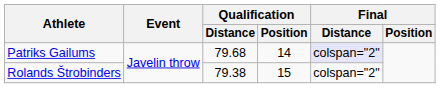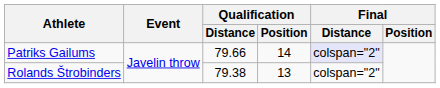 <table class="wikitable" style="font-size:90%">
 <tr>
 <th rowspan="2">Athlete</th>
 <th rowspan="2">Event</th>
 <th colspan="2">Qualification</th>
 <th colspan="2">Final</th>
 </tr>
 <tr style="font-size:95%">
 <th>Distance</th>
 <th>Position</th>
 <th>Distance</th>
 <th>Position</th>
 </tr>
 <tr align="center">
 <td align="left"><a href='#'>Patriks Gailums</a></td>
 <td rowspan="2" align="left"><a href='#'>Javelin throw</a></td>
-<td>79.68</td>
+<td>79.66</td>
 <td>14</td>
 <td style="background: lavender;">colspan="2" </td>
 </tr>
 <tr align="center">
 <td align="left"><a href='#'>Rolands Štrobinders</a></td>
 <td>79.38</td>
-<td>15</td>
+<td>13</td>
 <td>colspan="2" </td>
 </tr>
 </table>
